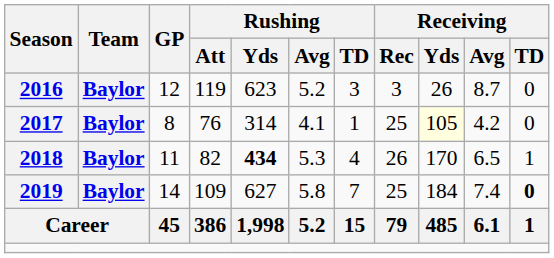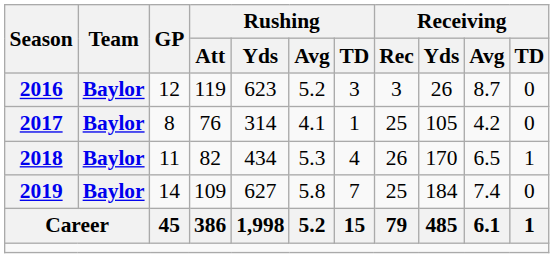 <table class="wikitable" style="text-align:center;">
 <tr>
 <th rowspan="2">Season</th>
 <th rowspan="2">Team</th>
 <th rowspan="2">GP</th>
 <th colspan="4">Rushing</th>
 <th colspan="4">Receiving</th>
 </tr>
 <tr>
 <th>Att</th>
 <th>Yds</th>
 <th>Avg</th>
 <th>TD</th>
 <th>Rec</th>
 <th>Yds</th>
 <th>Avg</th>
 <th>TD</th>
 </tr>
 <tr>
 <th><a href='#'>2016</a></th>
 <th><a href='#'>Baylor</a></th>
 <td>12</td>
 <td>119</td>
 <td>623</td>
 <td>5.2</td>
 <td>3</td>
 <td>3</td>
 <td>26</td>
 <td>8.7</td>
 <td>0</td>
 </tr>
 <tr>
 <th><a href='#'>2017</a></th>
 <th><a href='#'>Baylor</a></th>
 <td>8</td>
 <td>76</td>
 <td>314</td>
 <td>4.1</td>
 <td>1</td>
 <td>25</td>
-<td style="background: lightyellow;">105</td>
+<td>105</td>
 <td>4.2</td>
 <td>0</td>
 </tr>
 <tr>
 <th><a href='#'>2018</a></th>
 <th><a href='#'>Baylor</a></th>
 <td>11</td>
 <td>82</td>
-<td><strong>434</strong></td>
+<td>434</td>
 <td>5.3</td>
 <td>4</td>
 <td>26</td>
 <td>170</td>
 <td>6.5</td>
 <td>1</td>
 </tr>
 <tr>
 <th><a href='#'>2019</a></th>
 <th><a href='#'>Baylor</a></th>
 <td>14</td>
 <td>109</td>
 <td>627</td>
 <td>5.8</td>
 <td>7</td>
 <td>25</td>
 <td>184</td>
 <td>7.4</td>
-<td><strong>0</strong></td>
+<td>0</td>
 </tr>
 <tr>
 <th colspan="2">Career</th>
 <th>45</th>
 <th>386</th>
 <th>1,998</th>
 <th>5.2</th>
 <th>15</th>
 <th>79</th>
 <th>485</th>
 <th>6.1</th>
 <th>1</th>
 </tr>
 <tr>
 <td colspan="21"></td>
 </tr>
 </table>
